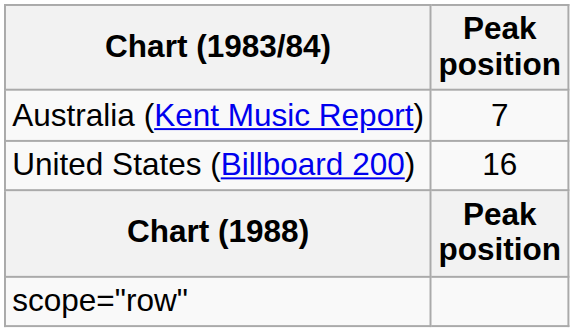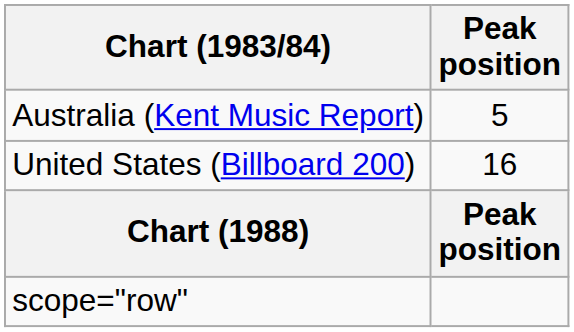 <table class="wikitable">
 <tr>
 <th scope="col">Chart (1983/84)</th>
 <th>Peak<br>position</th>
 </tr>
 <tr>
 <td>Australia (<a href='#'>Kent Music Report</a>)</td>
-<td style="text-align:center;">7</td>
+<td style="text-align:center;">5</td>
 </tr>
 <tr>
 <td>United States (<a href='#'>Billboard 200</a>)</td>
 <td style="text-align:center;">16</td>
 </tr>
 <tr>
 <th scope="col">Chart (1988)</th>
 <th scope="col">Peak<br>position</th>
 </tr>
 <tr>
 <td>scope="row"</td>
 </tr>
 </table>
